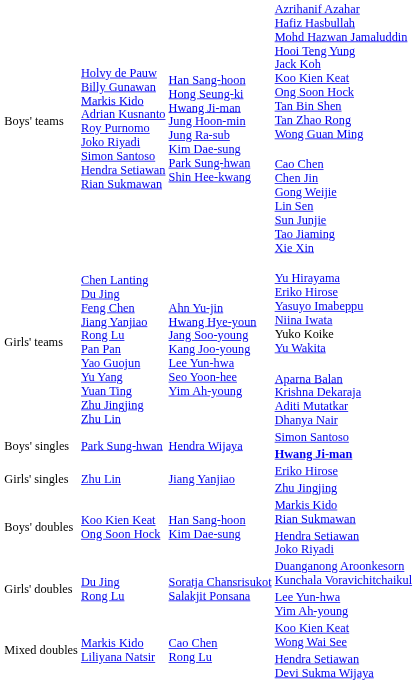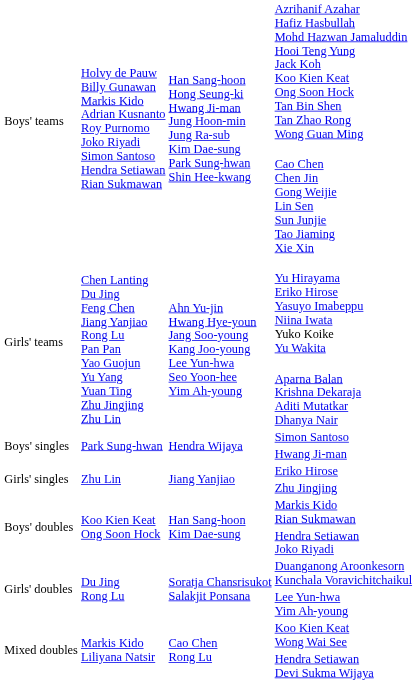 <table>
 <tr>
 <td rowspan=2>Boys' teams<br></td>
 <td rowspan=2><br><a href='#'>Holvy de Pauw</a><br><a href='#'>Billy Gunawan</a><br><a href='#'>Markis Kido</a><br><a href='#'>Adrian Kusnanto</a><br><a href='#'>Roy Purnomo</a><br><a href='#'>Joko Riyadi</a><br><a href='#'>Simon Santoso</a><br><a href='#'>Hendra Setiawan</a><br><a href='#'>Rian Sukmawan</a></td>
 <td rowspan=2><br><a href='#'>Han Sang-hoon</a><br><a href='#'>Hong Seung-ki</a><br><a href='#'>Hwang Ji-man</a><br><a href='#'>Jung Hoon-min</a><br><a href='#'>Jung Ra-sub</a><br><a href='#'>Kim Dae-sung</a><br><a href='#'>Park Sung-hwan</a><br><a href='#'>Shin Hee-kwang</a></td>
 <td><br><a href='#'>Azrihanif Azahar</a><br><a href='#'>Hafiz Hasbullah</a><br><a href='#'>Mohd Hazwan Jamaluddin</a><br><a href='#'>Hooi Teng Yung</a><br><a href='#'>Jack Koh</a><br><a href='#'>Koo Kien Keat</a><br><a href='#'>Ong Soon Hock</a><br><a href='#'>Tan Bin Shen</a><br><a href='#'>Tan Zhao Rong</a><br><a href='#'>Wong Guan Ming</a></td>
 </tr>
 <tr>
 <td><br><a href='#'>Cao Chen</a><br><a href='#'>Chen Jin</a><br><a href='#'>Gong Weijie</a><br><a href='#'>Lin Sen</a><br><a href='#'>Sun Junjie</a><br><a href='#'>Tao Jiaming</a><br><a href='#'>Xie Xin</a></td>
 </tr>
 <tr>
 <td rowspan=2>Girls' teams<br></td>
 <td rowspan=2><br><a href='#'>Chen Lanting</a><br><a href='#'>Du Jing</a><br><a href='#'>Feng Chen</a><br><a href='#'>Jiang Yanjiao</a><br><a href='#'>Rong Lu</a><br><a href='#'>Pan Pan</a><br><a href='#'>Yao Guojun</a><br><a href='#'>Yu Yang</a><br><a href='#'>Yuan Ting</a><br><a href='#'>Zhu Jingjing</a><br><a href='#'>Zhu Lin</a></td>
 <td rowspan=2><br><a href='#'>Ahn Yu-jin</a><br><a href='#'>Hwang Hye-youn</a><br><a href='#'>Jang Soo-young</a><br><a href='#'>Kang Joo-young</a><br><a href='#'>Lee Yun-hwa</a><br><a href='#'>Seo Yoon-hee</a><br><a href='#'>Yim Ah-young</a></td>
 <td><br><a href='#'>Yu Hirayama</a><br><a href='#'>Eriko Hirose</a><br><a href='#'>Yasuyo Imabeppu</a><br><a href='#'>Niina Iwata</a><br>Yuko Koike<br><a href='#'>Yu Wakita</a></td>
 </tr>
 <tr>
 <td><br><a href='#'>Aparna Balan</a><br><a href='#'>Krishna Dekaraja</a><br><a href='#'>Aditi Mutatkar</a><br><a href='#'>Dhanya Nair</a></td>
 </tr>
 <tr>
 <td rowspan=2>Boys' singles<br></td>
 <td rowspan=2> <a href='#'>Park Sung-hwan</a></td>
 <td rowspan=2> <a href='#'>Hendra Wijaya</a></td>
 <td> <a href='#'>Simon Santoso</a></td>
 </tr>
 <tr>
-<td><strong> <a href='#'>Hwang Ji-man</a></strong></td>
+<td> <a href='#'>Hwang Ji-man</a></td>
 </tr>
 <tr>
 <td rowspan=2>Girls' singles<br></td>
 <td rowspan=2> <a href='#'>Zhu Lin</a></td>
 <td rowspan=2> <a href='#'>Jiang Yanjiao</a></td>
 <td> <a href='#'>Eriko Hirose</a></td>
 </tr>
 <tr>
 <td> <a href='#'>Zhu Jingjing</a></td>
 </tr>
 <tr>
 <td rowspan=2>Boys' doubles<br></td>
 <td rowspan=2> <a href='#'>Koo Kien Keat</a><br> <a href='#'>Ong Soon Hock</a></td>
 <td rowspan=2> <a href='#'>Han Sang-hoon</a><br> <a href='#'>Kim Dae-sung</a></td>
 <td> <a href='#'>Markis Kido</a><br> <a href='#'>Rian Sukmawan</a></td>
 </tr>
 <tr>
 <td> <a href='#'>Hendra Setiawan</a><br> <a href='#'>Joko Riyadi</a></td>
 </tr>
 <tr>
 <td rowspan=2>Girls' doubles<br></td>
 <td rowspan=2> <a href='#'>Du Jing</a><br> <a href='#'>Rong Lu</a></td>
 <td rowspan=2> <a href='#'>Soratja Chansrisukot</a><br> <a href='#'>Salakjit Ponsana</a></td>
 <td> <a href='#'>Duanganong Aroonkesorn</a><br> <a href='#'>Kunchala Voravichitchaikul</a></td>
 </tr>
 <tr>
 <td> <a href='#'>Lee Yun-hwa</a><br> <a href='#'>Yim Ah-young</a></td>
 </tr>
 <tr>
 <td rowspan=2>Mixed doubles<br></td>
 <td rowspan=2> <a href='#'>Markis Kido</a><br> <a href='#'>Liliyana Natsir</a></td>
 <td rowspan=2> <a href='#'>Cao Chen</a><br> <a href='#'>Rong Lu</a></td>
 <td> <a href='#'>Koo Kien Keat</a><br> <a href='#'>Wong Wai See</a></td>
 </tr>
 <tr>
 <td> <a href='#'>Hendra Setiawan</a><br> <a href='#'>Devi Sukma Wijaya</a></td>
 </tr>
 </table>
